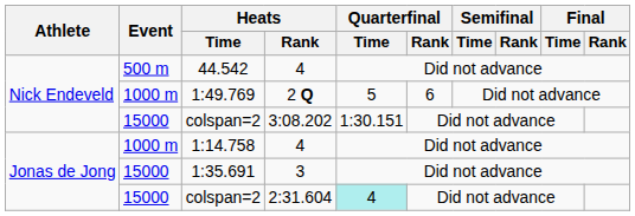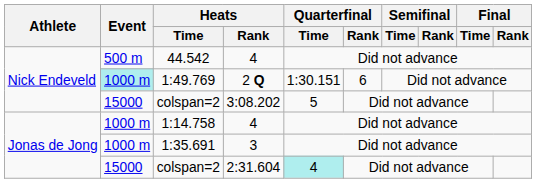 <table class="wikitable" style="font-size:90%">
 <tr>
 <th rowspan=2>Athlete</th>
 <th rowspan=2>Event</th>
 <th colspan=2>Heats</th>
 <th colspan=2>Quarterfinal</th>
 <th colspan=2>Semifinal</th>
 <th colspan=2>Final</th>
 </tr>
 <tr style="font-size:95%">
 <th>Time</th>
 <th>Rank</th>
 <th>Time</th>
 <th>Rank</th>
 <th>Time</th>
 <th>Rank</th>
 <th>Time</th>
 <th>Rank</th>
 </tr>
 <tr align=center>
 <td align=left rowspan=3><a href='#'>Nick Endeveld</a></td>
 <td align=left><a href='#'>500 m</a></td>
 <td>44.542</td>
 <td>4</td>
 <td colspan=6>Did not advance</td>
 </tr>
 <tr align=center>
-<td align=left><a href='#'>1000 m</a></td>
+<td align=left style="background: paleturquoise;"><a href='#'>1000 m</a></td>
 <td>1:49.769</td>
 <td>2 <strong>Q</strong></td>
-<td>5</td>
+<td>1:30.151</td>
 <td>6</td>
 <td colspan=4>Did not advance</td>
 </tr>
 <tr align=center>
 <td align=left><a href='#'>15000</a></td>
 <td>colspan=2  </td>
 <td>3:08.202</td>
-<td>1:30.151</td>
+<td>5</td>
 <td colspan=4>Did not advance</td>
 </tr>
 <tr align=center>
 <td align=left rowspan=3><a href='#'>Jonas de Jong</a></td>
 <td align=left><a href='#'>1000 m</a></td>
 <td>1:14.758</td>
 <td>4</td>
 <td colspan=6>Did not advance</td>
 </tr>
 <tr align=center>
-<td align=left><a href='#'>15000</a></td>
+<td align=left><a href='#'>1000 m</a></td>
 <td>1:35.691</td>
 <td>3</td>
 <td colspan=6>Did not advance</td>
 </tr>
 <tr align=center>
 <td align=left><a href='#'>15000</a></td>
 <td>colspan=2  </td>
 <td>2:31.604</td>
 <td style="background: paleturquoise;">4</td>
 <td colspan=4>Did not advance</td>
 </tr>
 </table>
